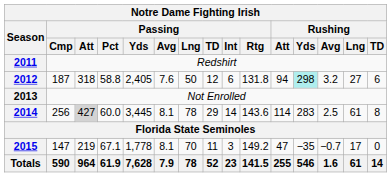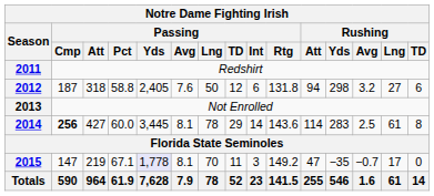 <table class=wikitable style="text-align:center;">
 <tr>
 <th colspan="15">Notre Dame Fighting Irish</th>
 </tr>
 <tr>
 <th rowspan="2">Season</th>
 <th colspan="9">Passing</th>
 <th colspan="5">Rushing</th>
 </tr>
 <tr>
 <th>Cmp</th>
 <th>Att</th>
 <th>Pct</th>
 <th>Yds</th>
 <th>Avg</th>
 <th>Lng</th>
 <th>TD</th>
 <th>Int</th>
 <th>Rtg</th>
 <th>Att</th>
 <th>Yds</th>
 <th>Avg</th>
 <th>Lng</th>
 <th>TD</th>
 </tr>
 <tr>
 <th><a href='#'>2011</a></th>
 <td colspan="14"><em>Redshirt</em></td>
 </tr>
 <tr>
 <th><a href='#'>2012</a></th>
 <td>187</td>
 <td>318</td>
 <td>58.8</td>
 <td>2,405</td>
 <td>7.6</td>
 <td>50</td>
 <td>12</td>
 <td>6</td>
 <td>131.8</td>
 <td>94</td>
-<td style="background: paleturquoise;">298</td>
+<td>298</td>
 <td>3.2</td>
 <td>27</td>
 <td>6</td>
 </tr>
 <tr>
 <th>2013</th>
 <td colspan="14"><em>Not Enrolled</em></td>
 </tr>
 <tr>
 <th><a href='#'>2014</a></th>
-<td>256</td>
-<td style="background: lightgrey;">427</td>
+<td><strong>256</strong></td>
+<td>427</td>
 <td>60.0</td>
 <td>3,445</td>
 <td>8.1</td>
 <td>78</td>
 <td>29</td>
 <td>14</td>
 <td>143.6</td>
 <td>114</td>
 <td>283</td>
 <td>2.5</td>
 <td>61</td>
 <td>8</td>
 </tr>
 <tr>
 <th colspan="15">Florida State Seminoles</th>
 </tr>
 <tr>
 <th><a href='#'>2015</a></th>
 <td>147</td>
 <td>219</td>
 <td>67.1</td>
-<td>1,778</td>
+<td style="background: lavender;">1,778</td>
 <td>8.1</td>
 <td>70</td>
 <td>11</td>
 <td>3</td>
 <td>149.2</td>
 <td>47</td>
 <td>−35</td>
 <td>−0.7</td>
 <td>17</td>
 <td>0</td>
 </tr>
 <tr>
 <th>Totals</th>
 <th>590</th>
 <th>964</th>
 <th>61.9</th>
 <th>7,628</th>
 <th>7.9</th>
 <th>78</th>
 <th>52</th>
 <th>23</th>
 <th>141.5</th>
 <th>255</th>
 <th>546</th>
 <th>1.6</th>
 <th>61</th>
 <th>14</th>
 </tr>
 </table>
